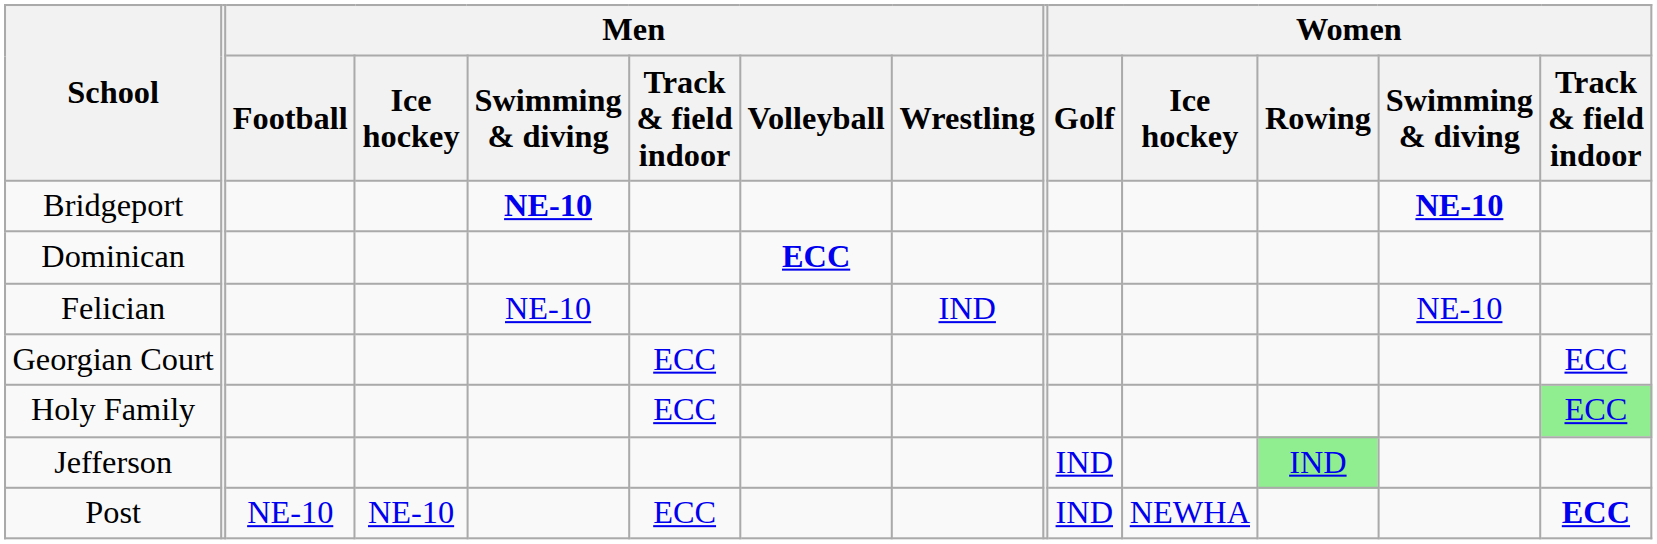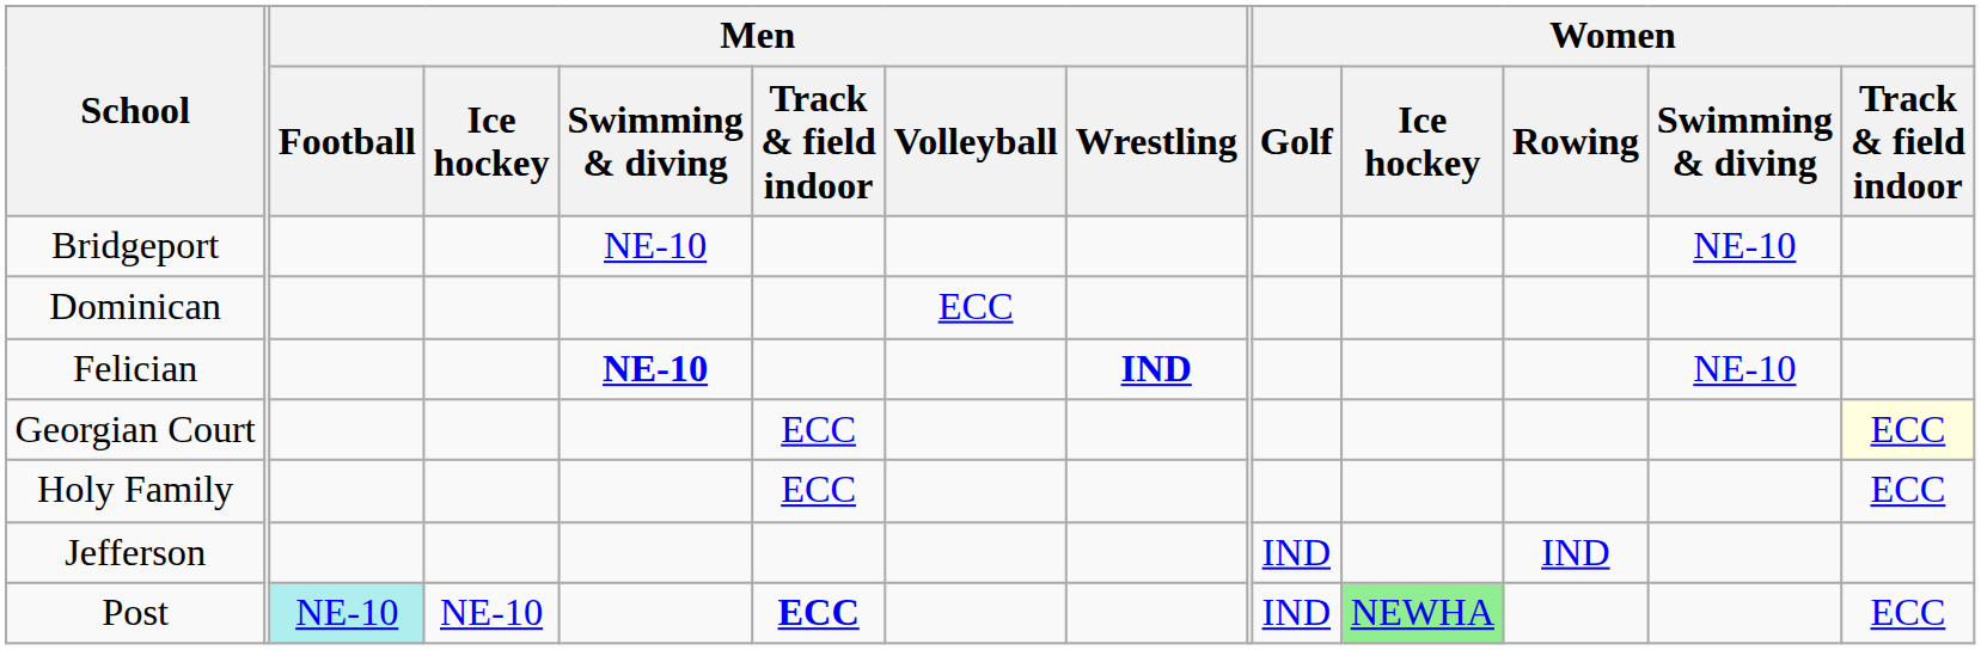 <table class="wikitable" style="text-align:center">
 <tr>
 <th rowspan=2>School</th>
 <th rowspan=9 width=1 style="padding:0"></th>
 <th colspan=6>Men</th>
 <th rowspan=9 width=1 style="padding:0"></th>
 <th colspan=5>Women</th>
 </tr>
 <tr>
 <th>Football</th>
 <th>Ice<br>hockey</th>
 <th>Swimming<br>& diving</th>
 <th>Track<br>& field<br>indoor</th>
 <th>Volleyball </th>
 <th>Wrestling</th>
 <th>Golf</th>
 <th>Ice<br>hockey</th>
 <th>Rowing</th>
 <th>Swimming<br>& diving</th>
 <th>Track<br>& field<br>indoor</th>
 </tr>
 <tr>
 <td>Bridgeport</td>
 <td></td>
 <td></td>
-<td><strong><a href='#'>NE-10</a></strong></td>
+<td><a href='#'>NE-10</a></td>
 <td></td>
 <td></td>
 <td></td>
 <td></td>
 <td></td>
 <td></td>
-<td><strong><a href='#'>NE-10</a></strong></td>
+<td><a href='#'>NE-10</a></td>
 <td></td>
 </tr>
 <tr>
 <td>Dominican</td>
 <td></td>
 <td></td>
 <td></td>
 <td></td>
-<td><strong><a href='#'>ECC</a></strong></td>
+<td><a href='#'>ECC</a></td>
 <td></td>
 <td></td>
 <td></td>
 <td></td>
 <td></td>
 <td></td>
 </tr>
 <tr>
 <td>Felician</td>
 <td></td>
 <td></td>
-<td><a href='#'>NE-10</a></td>
+<td><strong><a href='#'>NE-10</a></strong></td>
 <td></td>
 <td></td>
-<td><a href='#'>IND</a></td>
+<td><strong><a href='#'>IND</a></strong></td>
 <td></td>
 <td></td>
 <td></td>
 <td><a href='#'>NE-10</a></td>
 <td></td>
 </tr>
 <tr>
 <td>Georgian Court</td>
 <td></td>
 <td></td>
 <td></td>
 <td><a href='#'>ECC</a></td>
 <td></td>
 <td></td>
 <td></td>
 <td></td>
 <td></td>
 <td></td>
-<td><a href='#'>ECC</a></td>
+<td style="background: lightyellow;"><a href='#'>ECC</a></td>
 </tr>
 <tr>
 <td>Holy Family</td>
 <td></td>
 <td></td>
 <td></td>
 <td><a href='#'>ECC</a></td>
 <td></td>
 <td></td>
 <td></td>
 <td></td>
 <td></td>
 <td></td>
-<td style="background: lightgreen;"><a href='#'>ECC</a></td>
+<td><a href='#'>ECC</a></td>
 </tr>
 <tr>
 <td>Jefferson</td>
 <td></td>
 <td></td>
 <td></td>
 <td></td>
 <td></td>
 <td></td>
 <td><a href='#'>IND</a></td>
 <td></td>
-<td style="background: lightgreen;"><a href='#'>IND</a></td>
+<td><a href='#'>IND</a></td>
 <td></td>
 <td></td>
 </tr>
 <tr>
 <td>Post</td>
-<td><a href='#'>NE-10</a></td>
+<td style="background: paleturquoise;"><a href='#'>NE-10</a></td>
 <td><a href='#'>NE-10</a></td>
 <td></td>
-<td><a href='#'>ECC</a></td>
+<td><strong><a href='#'>ECC</a></strong></td>
 <td></td>
 <td></td>
 <td><a href='#'>IND</a></td>
-<td><a href='#'>NEWHA</a></td>
+<td style="background: lightgreen;"><a href='#'>NEWHA</a></td>
 <td></td>
 <td></td>
-<td><strong><a href='#'>ECC</a></strong></td>
+<td><a href='#'>ECC</a></td>
 </tr>
 </table>
